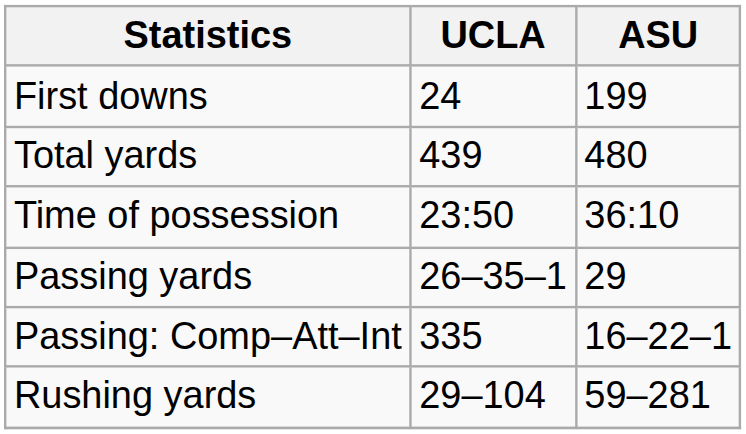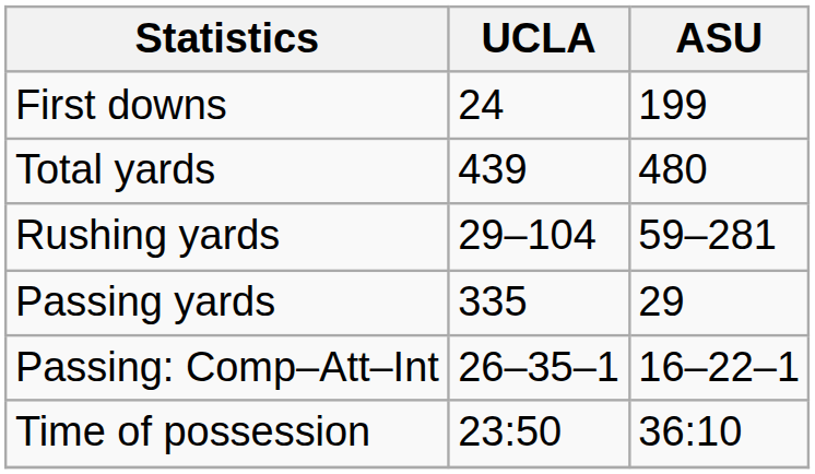 <table class="wikitable" style="float: left;">
 <tr>
 <th>Statistics</th>
 <th>UCLA</th>
 <th>ASU</th>
 </tr>
 <tr>
 <td>First downs</td>
 <td>24</td>
 <td>199</td>
 </tr>
 <tr>
 <td>Total yards</td>
 <td>439</td>
 <td>480</td>
 </tr>
 <tr>
+<td>Rushing yards</td>
+<td>29–104</td>
+<td>59–281</td>
+</tr>
+<tr>
+<td>Passing yards</td>
+<td>335</td>
+<td>29</td>
+</tr>
+<tr>
+<td>Passing: Comp–Att–Int</td>
+<td>26–35–1</td>
+<td>16–22–1</td>
+</tr>
+<tr>
 <td>Time of possession</td>
 <td>23:50</td>
 <td>36:10</td>
 </tr>
 <tr>
-<td>Passing yards</td>
-<td>26–35–1</td>
-<td>29</td>
-</tr>
-<tr>
-<td>Passing: Comp–Att–Int</td>
-<td>335</td>
-<td>16–22–1</td>
-</tr>
-<tr>
-<td>Rushing yards</td>
-<td>29–104</td>
-<td>59–281</td>
-</tr>
-<tr>
 </tr>
 </table>
